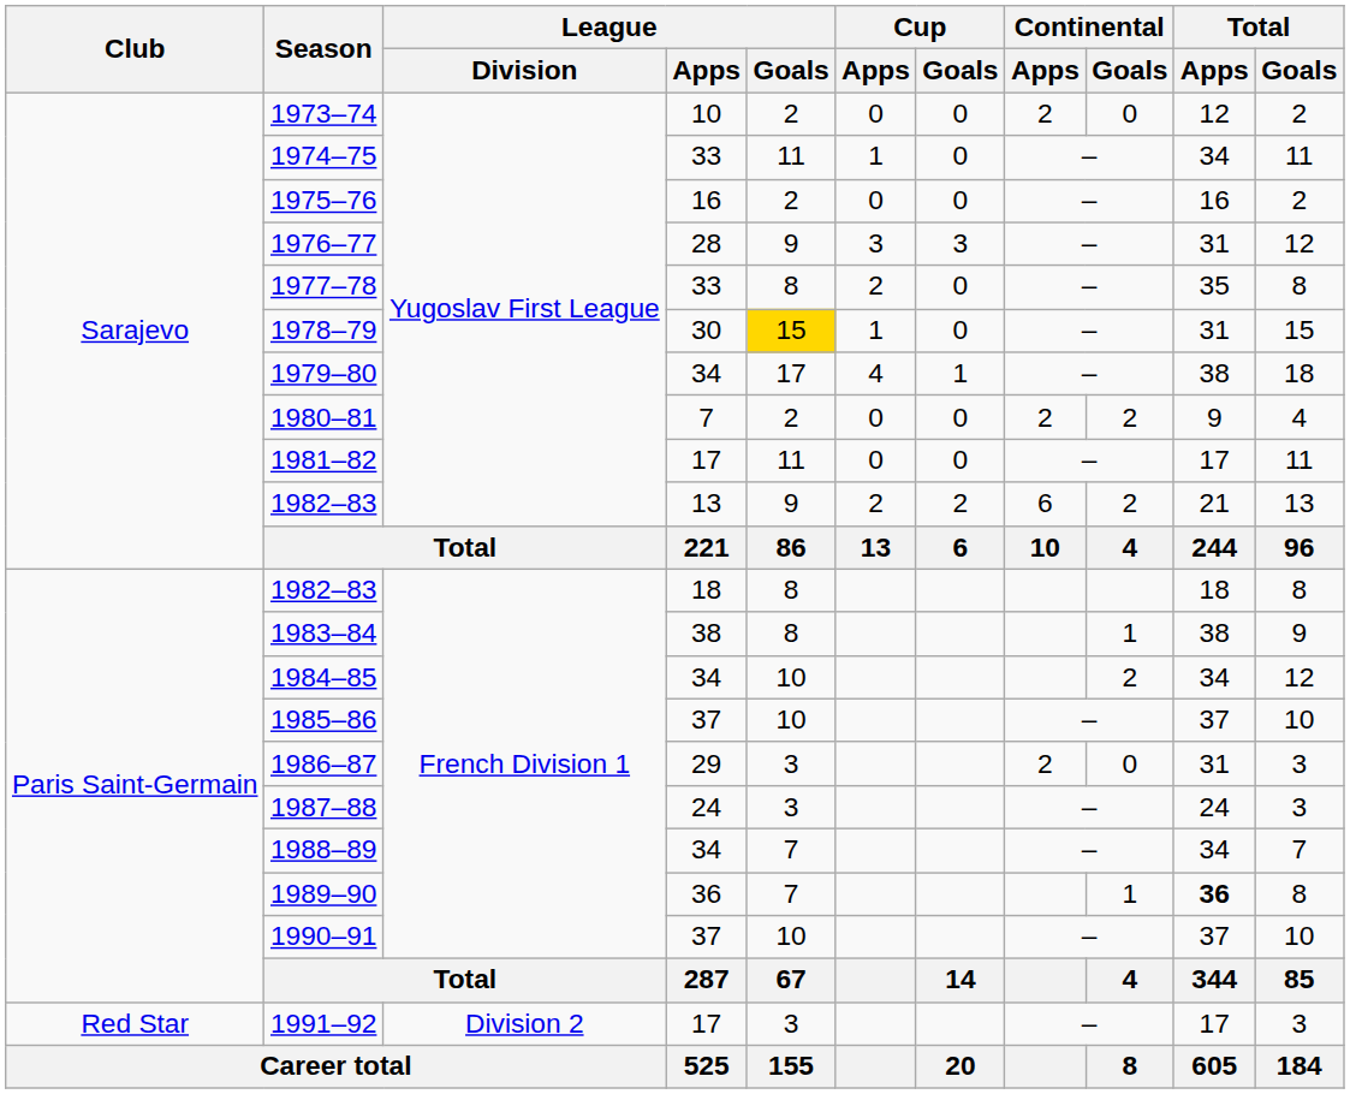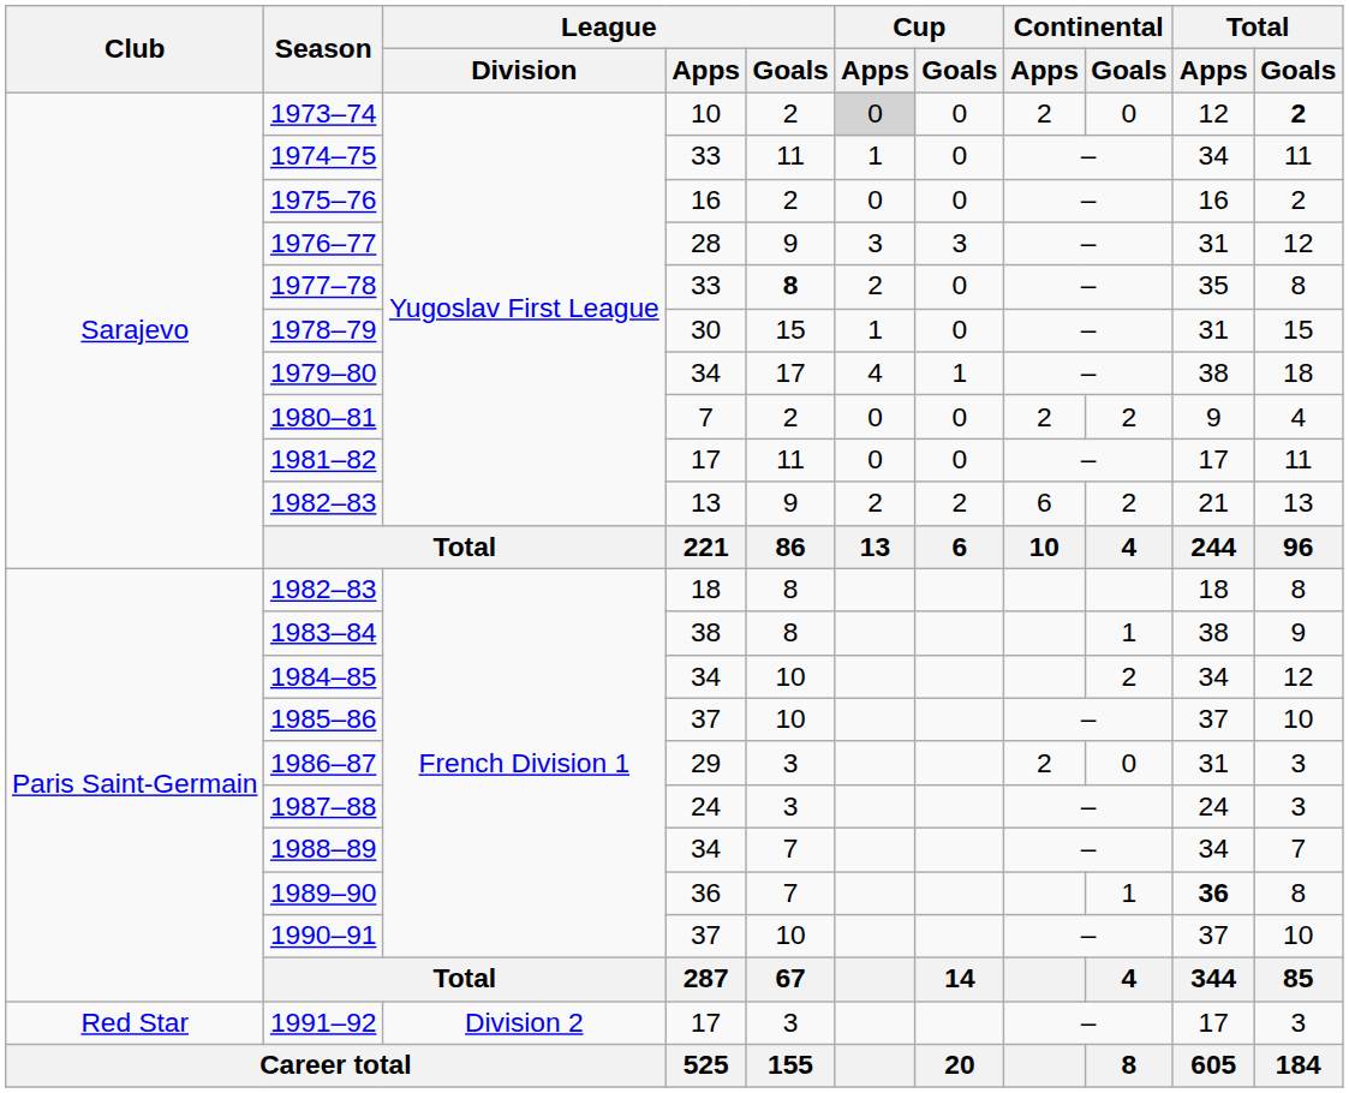 <table class="wikitable" style="text-align:center">
 <tr>
 <th rowspan="2">Club</th>
 <th rowspan="2">Season</th>
 <th colspan="3">League</th>
 <th colspan="2">Cup</th>
 <th colspan="2">Continental</th>
 <th colspan="2">Total</th>
 </tr>
 <tr>
 <th>Division</th>
 <th>Apps</th>
 <th>Goals</th>
 <th>Apps</th>
 <th>Goals</th>
 <th>Apps</th>
 <th>Goals</th>
 <th>Apps</th>
 <th>Goals</th>
 </tr>
 <tr>
 <td rowspan="11"><a href='#'>Sarajevo</a></td>
 <td><a href='#'>1973–74</a></td>
 <td rowspan="10"><a href='#'>Yugoslav First League</a></td>
 <td>10</td>
 <td>2</td>
-<td>0</td>
+<td style="background: lightgrey;">0</td>
 <td>0</td>
 <td>2</td>
 <td>0</td>
 <td>12</td>
-<td>2</td>
+<td><strong>2</strong></td>
 </tr>
 <tr>
 <td><a href='#'>1974–75</a></td>
 <td>33</td>
 <td>11</td>
 <td>1</td>
 <td>0</td>
 <td colspan="2">–</td>
 <td>34</td>
 <td>11</td>
 </tr>
 <tr>
 <td><a href='#'>1975–76</a></td>
 <td>16</td>
 <td>2</td>
 <td>0</td>
 <td>0</td>
 <td colspan="2">–</td>
 <td>16</td>
 <td>2</td>
 </tr>
 <tr>
 <td><a href='#'>1976–77</a></td>
 <td>28</td>
 <td>9</td>
 <td>3</td>
 <td>3</td>
 <td colspan="2">–</td>
 <td>31</td>
 <td>12</td>
 </tr>
 <tr>
 <td><a href='#'>1977–78</a></td>
 <td>33</td>
-<td>8</td>
+<td><strong>8</strong></td>
 <td>2</td>
 <td>0</td>
 <td colspan="2">–</td>
 <td>35</td>
 <td>8</td>
 </tr>
 <tr>
 <td><a href='#'>1978–79</a></td>
 <td>30</td>
-<td style="background: gold;">15</td>
+<td>15</td>
 <td>1</td>
 <td>0</td>
 <td colspan="2">–</td>
 <td>31</td>
 <td>15</td>
 </tr>
 <tr>
 <td><a href='#'>1979–80</a></td>
 <td>34</td>
 <td>17</td>
 <td>4</td>
 <td>1</td>
 <td colspan="2">–</td>
 <td>38</td>
 <td>18</td>
 </tr>
 <tr>
 <td><a href='#'>1980–81</a></td>
 <td>7</td>
 <td>2</td>
 <td>0</td>
 <td>0</td>
 <td>2</td>
 <td>2</td>
 <td>9</td>
 <td>4</td>
 </tr>
 <tr>
 <td><a href='#'>1981–82</a></td>
 <td>17</td>
 <td>11</td>
 <td>0</td>
 <td>0</td>
 <td colspan="2">–</td>
 <td>17</td>
 <td>11</td>
 </tr>
 <tr>
 <td><a href='#'>1982–83</a></td>
 <td>13</td>
 <td>9</td>
 <td>2</td>
 <td>2</td>
 <td>6</td>
 <td>2</td>
 <td>21</td>
 <td>13</td>
 </tr>
 <tr>
 <th colspan="2">Total</th>
 <th>221</th>
 <th>86</th>
 <th>13</th>
 <th>6</th>
 <th>10</th>
 <th>4</th>
 <th>244</th>
 <th>96</th>
 </tr>
 <tr>
 <td rowspan="10"><a href='#'>Paris Saint-Germain</a></td>
 <td><a href='#'>1982–83</a></td>
 <td rowspan="9"><a href='#'>French Division 1</a></td>
 <td>18</td>
 <td>8</td>
 <td></td>
 <td></td>
 <td></td>
 <td></td>
 <td>18</td>
 <td>8</td>
 </tr>
 <tr>
 <td><a href='#'>1983–84</a></td>
 <td>38</td>
 <td>8</td>
 <td></td>
 <td></td>
 <td></td>
 <td>1</td>
 <td>38</td>
 <td>9</td>
 </tr>
 <tr>
 <td><a href='#'>1984–85</a></td>
 <td>34</td>
 <td>10</td>
 <td></td>
 <td></td>
 <td></td>
 <td>2</td>
 <td>34</td>
 <td>12</td>
 </tr>
 <tr>
 <td><a href='#'>1985–86</a></td>
 <td>37</td>
 <td>10</td>
 <td></td>
 <td></td>
 <td colspan="2">–</td>
 <td>37</td>
 <td>10</td>
 </tr>
 <tr>
 <td><a href='#'>1986–87</a></td>
 <td>29</td>
 <td>3</td>
 <td></td>
 <td></td>
 <td>2</td>
 <td>0</td>
 <td>31</td>
 <td>3</td>
 </tr>
 <tr>
 <td><a href='#'>1987–88</a></td>
 <td>24</td>
 <td>3</td>
 <td></td>
 <td></td>
 <td colspan="2">–</td>
 <td>24</td>
 <td>3</td>
 </tr>
 <tr>
 <td><a href='#'>1988–89</a></td>
 <td>34</td>
 <td>7</td>
 <td></td>
 <td></td>
 <td colspan="2">–</td>
 <td>34</td>
 <td>7</td>
 </tr>
 <tr>
 <td><a href='#'>1989–90</a></td>
 <td>36</td>
 <td>7</td>
 <td></td>
 <td></td>
 <td></td>
 <td>1</td>
 <td><strong>36</strong></td>
 <td>8</td>
 </tr>
 <tr>
 <td><a href='#'>1990–91</a></td>
 <td>37</td>
 <td>10</td>
 <td></td>
 <td></td>
 <td colspan="2">–</td>
 <td>37</td>
 <td>10</td>
 </tr>
 <tr>
 <th colspan="2">Total</th>
 <th>287</th>
 <th>67</th>
 <th></th>
 <th>14</th>
 <th></th>
 <th>4</th>
 <th>344</th>
 <th>85</th>
 </tr>
 <tr>
 <td><a href='#'>Red Star</a></td>
 <td><a href='#'>1991–92</a></td>
 <td><a href='#'>Division 2</a></td>
 <td>17</td>
 <td>3</td>
 <td></td>
 <td></td>
 <td colspan="2">–</td>
 <td>17</td>
 <td>3</td>
 </tr>
 <tr>
 <th colspan="3">Career total</th>
 <th>525</th>
 <th>155</th>
 <th></th>
 <th>20</th>
 <th></th>
 <th>8</th>
 <th>605</th>
 <th>184</th>
 </tr>
 </table>
